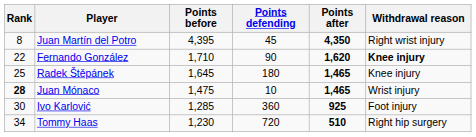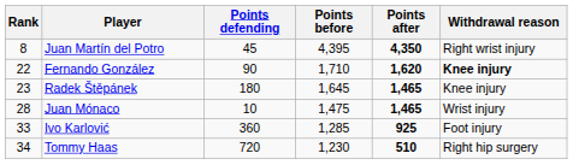 <table class="wikitable sortable" style="text-align:center;">
 <tr>
 <th style="width:30px;">Rank</th>
 <th style="width:200px;">Player</th>
+<th style="width:110px;"><a href='#'>Points <br>defending</a></th>
 <th style="width:90px;">Points <br>before</th>
-<th style="width:110px;"><a href='#'>Points <br>defending</a></th>
 <th style="width:80px;">Points <br>after</th>
 <th style="width:155px;">Withdrawal reason</th>
 </tr>
 <tr>
 <td>8</td>
 <td style="text-align:left"> <a href='#'>Juan Martín del Potro</a></td>
+<td>45</td>
 <td>4,395</td>
-<td>45</td>
 <td><strong>4,350</strong></td>
 <td style="text-align:left">Right wrist injury</td>
 </tr>
 <tr>
 <td>22</td>
 <td style="text-align:left"> <a href='#'>Fernando González</a></td>
+<td>90</td>
 <td>1,710</td>
-<td>90</td>
 <td><strong>1,620</strong></td>
 <td style="text-align:left"><strong>Knee injury</strong></td>
 </tr>
 <tr>
-<td>25</td>
+<td>23</td>
 <td style="text-align:left"> <a href='#'>Radek Štěpánek</a></td>
+<td>180</td>
 <td>1,645</td>
-<td>180</td>
 <td><strong>1,465</strong></td>
 <td style="text-align:left">Knee injury</td>
 </tr>
 <tr>
-<td><strong>28</strong></td>
+<td>28</td>
 <td style="text-align:left"> <a href='#'>Juan Mónaco</a></td>
+<td>10</td>
 <td>1,475</td>
-<td>10</td>
 <td><strong>1,465</strong></td>
 <td style="text-align:left">Wrist injury</td>
 </tr>
 <tr>
-<td>30</td>
+<td>33</td>
 <td style="text-align:left"> <a href='#'>Ivo Karlović</a></td>
+<td>360</td>
 <td>1,285</td>
-<td>360</td>
 <td><strong>925</strong></td>
 <td style="text-align:left">Foot injury</td>
 </tr>
 <tr>
 <td>34</td>
 <td style="text-align:left"> <a href='#'>Tommy Haas</a></td>
+<td>720</td>
 <td>1,230</td>
-<td>720</td>
 <td><strong>510</strong></td>
 <td style="text-align:left">Right hip surgery</td>
 </tr>
 </table>
